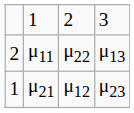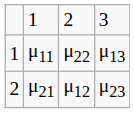 <table class="wikitable" style="float:right; center; margin: 0px; margin-top: 5px">
 <tr>
 <td></td>
 <td>1</td>
 <td>2</td>
 <td>3</td>
 </tr>
 <tr>
-<td>2</td>
+<td>1</td>
 <td>μ<sub>11</sub></td>
 <td>μ<sub>22</sub></td>
 <td>μ<sub>13</sub></td>
 </tr>
 <tr>
-<td>1</td>
+<td>2</td>
 <td>μ<sub>21</sub></td>
 <td>μ<sub>12</sub></td>
 <td>μ<sub>23</sub></td>
 </tr>
 </table>
